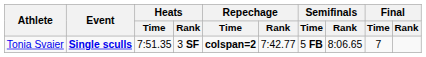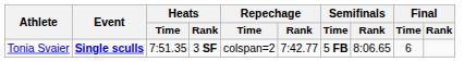 <table class="wikitable" style="font-size:90%">
 <tr>
 <th rowspan="2">Athlete</th>
 <th rowspan="2">Event</th>
 <th colspan="2">Heats</th>
 <th colspan="2">Repechage</th>
 <th colspan="2">Semifinals</th>
 <th colspan="2">Final</th>
 </tr>
 <tr style="font-size:95%">
 <th>Time</th>
 <th>Rank</th>
 <th>Time</th>
 <th>Rank</th>
 <th>Time</th>
 <th>Rank</th>
 <th>Time</th>
 <th>Rank</th>
 </tr>
 <tr align=center>
 <td align=left><a href='#'>Tonia Svaier</a></td>
 <td align=left><strong><a href='#'>Single sculls</a></strong></td>
 <td>7:51.35</td>
 <td>3 <strong>SF</strong></td>
-<td><strong>colspan=2</strong></td>
+<td>colspan=2</td>
 <td>7:42.77</td>
 <td>5 <strong>FB</strong></td>
 <td>8:06.65</td>
-<td>7</td>
+<td>6</td>
 </tr>
 </table>
